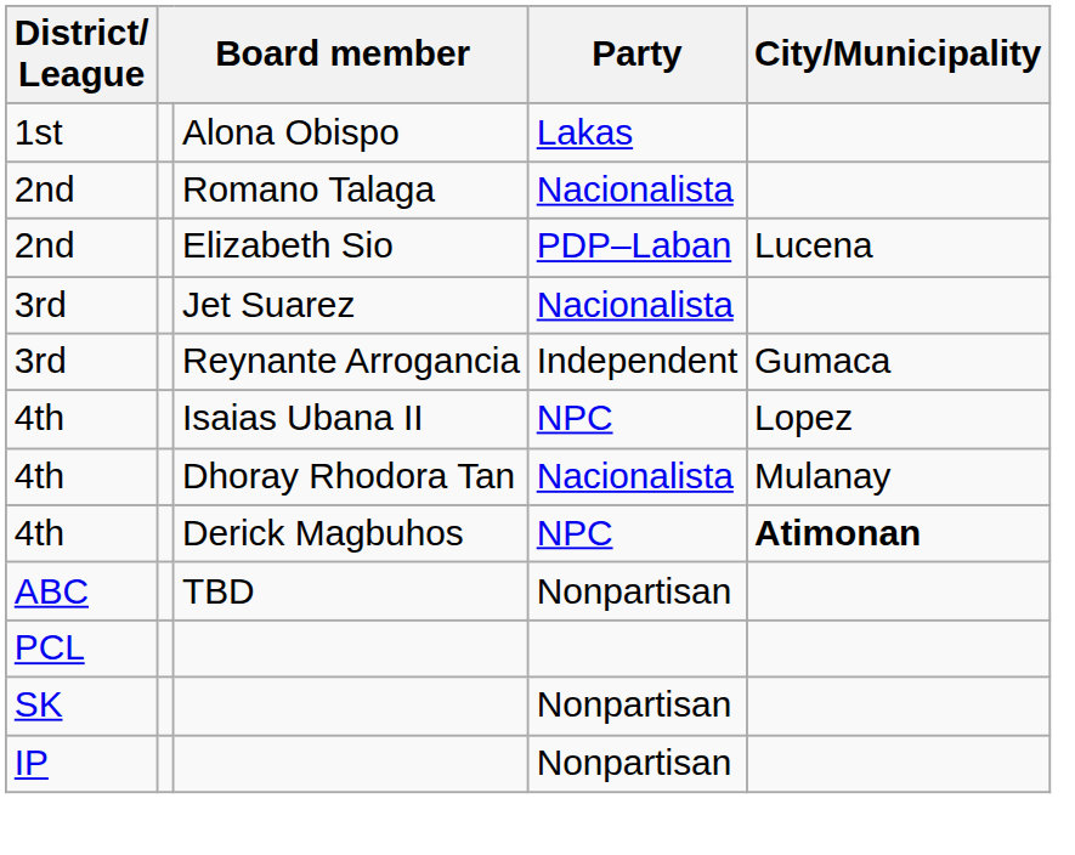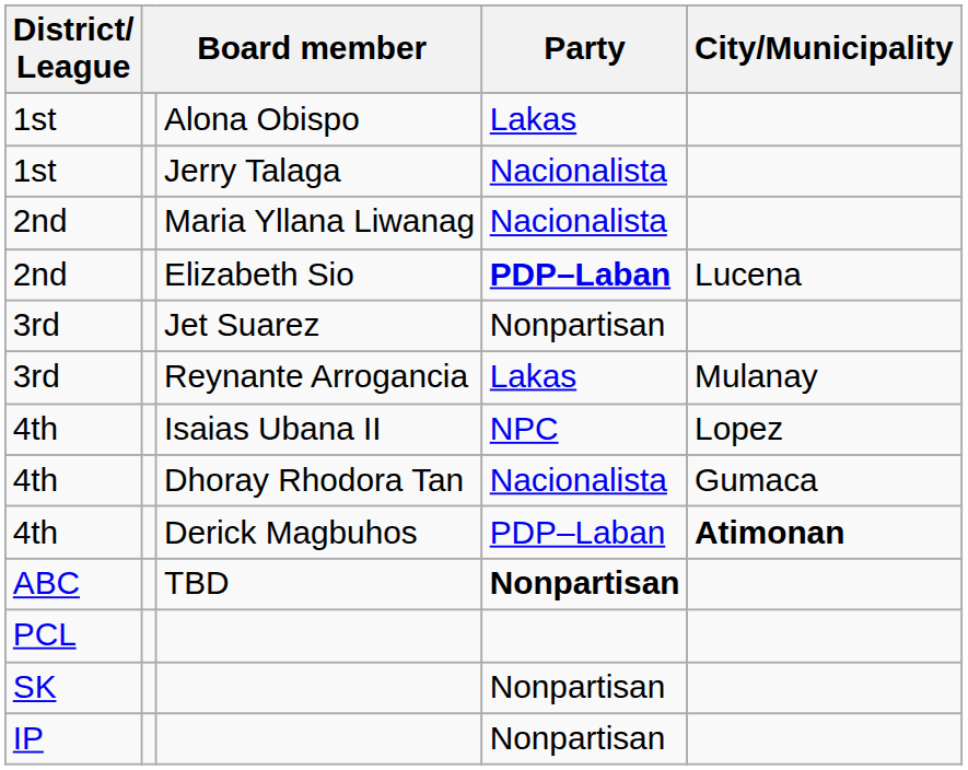 <table class="wikitable">
 <tr>
 <th>District/<br>League</th>
 <th colspan="2">Board member</th>
 <th>Party</th>
 <th>City/Municipality</th>
 </tr>
 <tr>
 <td>1st</td>
 <td></td>
 <td>Alona Obispo</td>
 <td><a href='#'>Lakas</a></td>
 <td></td>
 </tr>
 <tr>
+<td>1st</td>
+<td></td>
+<td>Jerry Talaga</td>
+<td><a href='#'>Nacionalista</a></td>
+<td></td>
+</tr>
+<tr>
 <td>2nd</td>
 <td></td>
-<td>Romano Talaga</td>
+<td>Maria Yllana Liwanag</td>
 <td><a href='#'>Nacionalista</a></td>
 <td></td>
 </tr>
 <tr>
 <td>2nd</td>
 <td></td>
 <td>Elizabeth Sio</td>
-<td><a href='#'>PDP–Laban</a></td>
+<td><strong><a href='#'>PDP–Laban</a></strong></td>
 <td>Lucena</td>
 </tr>
 <tr>
 <td>3rd</td>
 <td></td>
 <td>Jet Suarez</td>
-<td><a href='#'>Nacionalista</a></td>
+<td>Nonpartisan</td>
 <td></td>
 </tr>
 <tr>
 <td>3rd</td>
 <td></td>
 <td>Reynante Arrogancia</td>
-<td>Independent</td>
-<td>Gumaca</td>
+<td><a href='#'>Lakas</a></td>
+<td>Mulanay</td>
 </tr>
 <tr>
 <td>4th</td>
 <td></td>
 <td>Isaias Ubana II</td>
 <td><a href='#'>NPC</a></td>
 <td>Lopez</td>
 </tr>
 <tr>
 <td>4th</td>
 <td></td>
 <td>Dhoray Rhodora Tan</td>
 <td><a href='#'>Nacionalista</a></td>
-<td>Mulanay</td>
+<td>Gumaca</td>
 </tr>
 <tr>
 <td>4th</td>
 <td></td>
 <td>Derick Magbuhos</td>
-<td><a href='#'>NPC</a></td>
+<td><a href='#'>PDP–Laban</a></td>
 <td><strong>Atimonan</strong></td>
 </tr>
 <tr>
 <td><a href='#'>ABC</a></td>
 <td></td>
 <td>TBD</td>
-<td>Nonpartisan</td>
+<td><strong>Nonpartisan</strong></td>
 <td></td>
 </tr>
 <tr>
 <td><a href='#'>PCL</a></td>
 <td></td>
 <td></td>
 <td></td>
 <td></td>
 </tr>
 <tr>
 <td><a href='#'>SK</a></td>
 <td></td>
 <td></td>
 <td>Nonpartisan</td>
 <td></td>
 </tr>
 <tr>
 <td><a href='#'>IP</a></td>
 <td></td>
 <td></td>
 <td>Nonpartisan</td>
 <td></td>
 </tr>
 </table>
